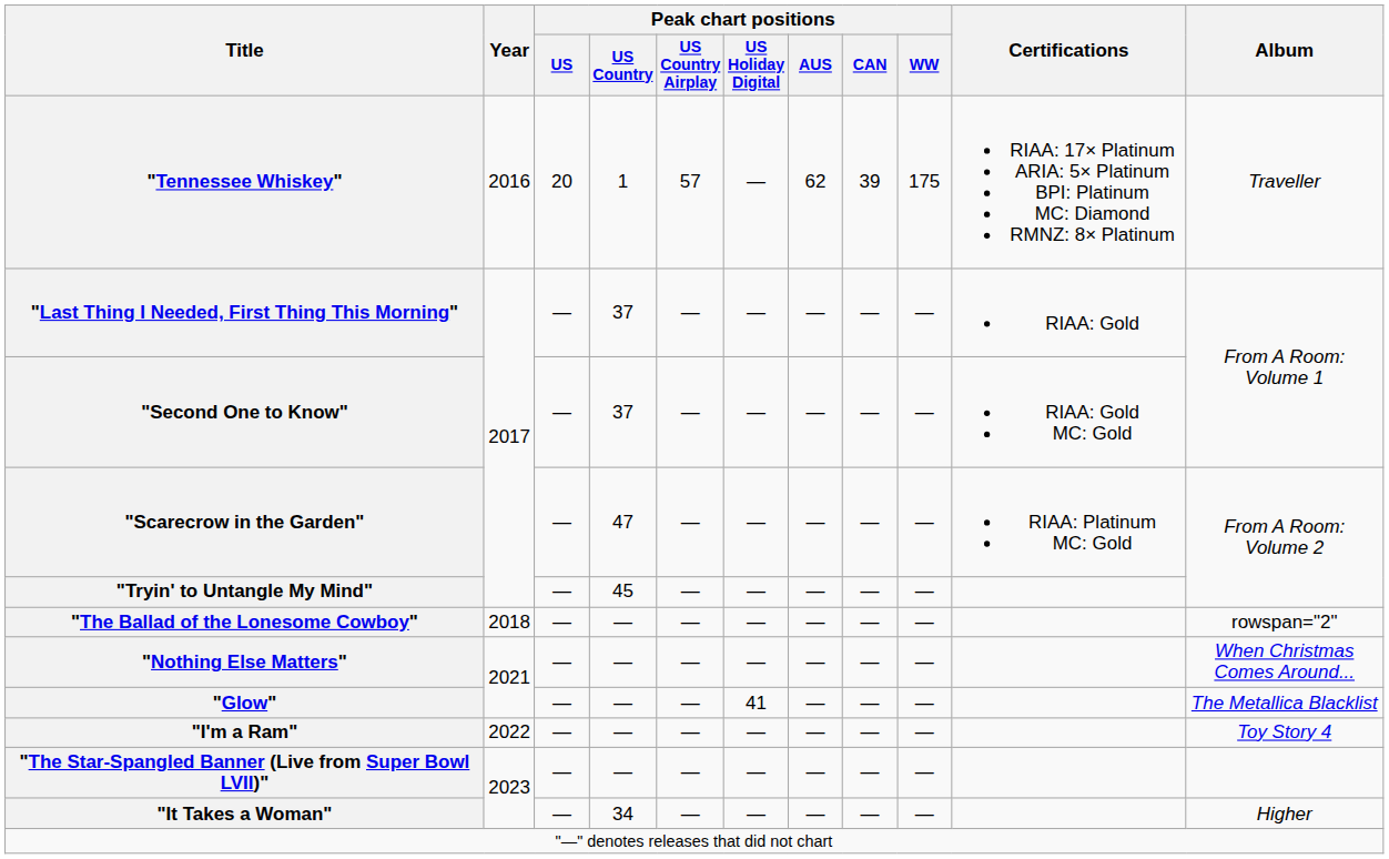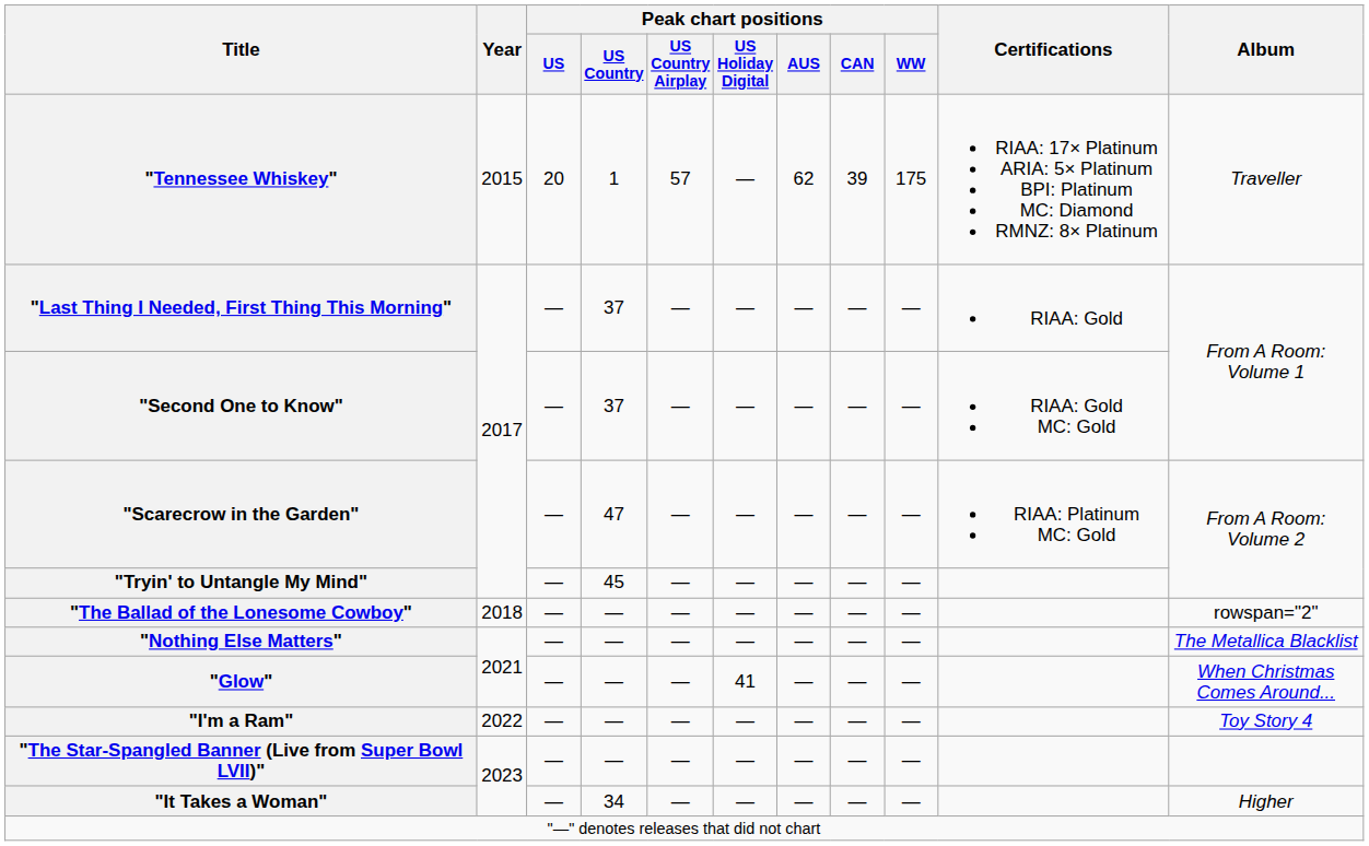 <table class="wikitable plainrowheaders" style="text-align:center;">
 <tr>
 <th rowspan="2" style="width:25em;">Title</th>
 <th rowspan="2">Year</th>
 <th colspan="7">Peak chart positions</th>
 <th rowspan="2" style="width:12em;">Certifications</th>
 <th rowspan="2" style="width:10em;">Album</th>
 </tr>
 <tr style="font-size:smaller;">
 <th width="40"><a href='#'>US</a><br></th>
 <th width="40"><a href='#'>US Country</a><br></th>
 <th width="40"><a href='#'>US Country Airplay</a><br></th>
 <th width="40"><a href='#'>US Holiday Digital</a><br></th>
 <th width="40"><a href='#'>AUS</a><br></th>
 <th width="40"><a href='#'>CAN</a><br></th>
 <th width="40"><a href='#'>WW</a><br></th>
 </tr>
 <tr>
 <th scope="row">"<a href='#'>Tennessee Whiskey</a>"</th>
-<td>2016</td>
+<td>2015</td>
 <td>20</td>
 <td>1</td>
 <td>57</td>
 <td>—</td>
 <td>62</td>
 <td>39</td>
 <td>175</td>
 <td><br><ul><li>RIAA: 17× Platinum</li><li>ARIA: 5× Platinum</li><li>BPI: Platinum</li><li>MC: Diamond</li><li>RMNZ: 8× Platinum</li></ul></td>
 <td><em>Traveller</em></td>
 </tr>
 <tr>
 <th scope="row">"<a href='#'>Last Thing I Needed, First Thing This Morning</a>"</th>
 <td rowspan=4>2017</td>
 <td>—</td>
 <td>37</td>
 <td>—</td>
 <td>—</td>
 <td>—</td>
 <td>—</td>
 <td>—</td>
 <td><br><ul><li>RIAA: Gold</li></ul></td>
 <td rowspan=2><em>From A Room: Volume 1</em></td>
 </tr>
 <tr>
 <th scope="row">"Second One to Know"</th>
 <td>—</td>
 <td>37</td>
 <td>—</td>
 <td>—</td>
 <td>—</td>
 <td>—</td>
 <td>—</td>
 <td><br><ul><li>RIAA: Gold</li><li>MC: Gold</li></ul></td>
 </tr>
 <tr>
 <th scope="row">"Scarecrow in the Garden"</th>
 <td>—</td>
 <td>47</td>
 <td>—</td>
 <td>—</td>
 <td>—</td>
 <td>—</td>
 <td>—</td>
 <td><br><ul><li>RIAA: Platinum</li><li>MC: Gold</li></ul></td>
 <td rowspan=2><em>From A Room: Volume 2</em></td>
 </tr>
 <tr>
 <th scope="row">"Tryin' to Untangle My Mind"</th>
 <td>—</td>
 <td>45</td>
 <td>—</td>
 <td>—</td>
 <td>—</td>
 <td>—</td>
 <td>—</td>
 <td></td>
 </tr>
 <tr>
 <th scope="row">"<a href='#'>The Ballad of the Lonesome Cowboy</a>"</th>
 <td>2018</td>
 <td>—</td>
 <td>—</td>
 <td>—</td>
 <td>—</td>
 <td>—</td>
 <td>—</td>
 <td>—</td>
 <td></td>
 <td>rowspan="2" </td>
 </tr>
 <tr>
 <th scope="row">"<a href='#'>Nothing Else Matters</a>"</th>
 <td rowspan="2">2021</td>
 <td>—</td>
 <td>—</td>
 <td>—</td>
 <td>—</td>
 <td>—</td>
 <td>—</td>
 <td>—</td>
 <td></td>
-<td><em><a href='#'>When Christmas Comes Around...</a></em></td>
+<td><em><a href='#'>The Metallica Blacklist</a></em></td>
 </tr>
 <tr>
 <th scope="row">"<a href='#'>Glow</a>"<br></th>
 <td>—</td>
 <td>—</td>
 <td>—</td>
 <td>41</td>
 <td>—</td>
 <td>—</td>
 <td>—</td>
 <td></td>
-<td><em><a href='#'>The Metallica Blacklist</a></em></td>
+<td><em><a href='#'>When Christmas Comes Around...</a></em></td>
 </tr>
 <tr>
 <th scope="row">"I'm a Ram"</th>
 <td>2022</td>
 <td>—</td>
 <td>—</td>
 <td>—</td>
 <td>—</td>
 <td>—</td>
 <td>—</td>
 <td>—</td>
 <td></td>
 <td><em><a href='#'>Toy Story 4</a></em></td>
 </tr>
 <tr>
 <th scope="row">"<a href='#'>The Star-Spangled Banner</a> (Live from <a href='#'>Super Bowl LVII</a>)"</th>
 <td rowspan="2">2023</td>
 <td>—</td>
 <td>—</td>
 <td>—</td>
 <td>—</td>
 <td>—</td>
 <td>—</td>
 <td>—</td>
 <td></td>
 </tr>
 <tr>
 <th scope="row">"It Takes a Woman"</th>
 <td>—</td>
 <td>34</td>
 <td>—</td>
 <td>—</td>
 <td>—</td>
 <td>—</td>
 <td>—</td>
 <td></td>
 <td><em>Higher</em></td>
 </tr>
 <tr>
 <td colspan="11" style="font-size: 85%">"—" denotes releases that did not chart</td>
 </tr>
 </table>
